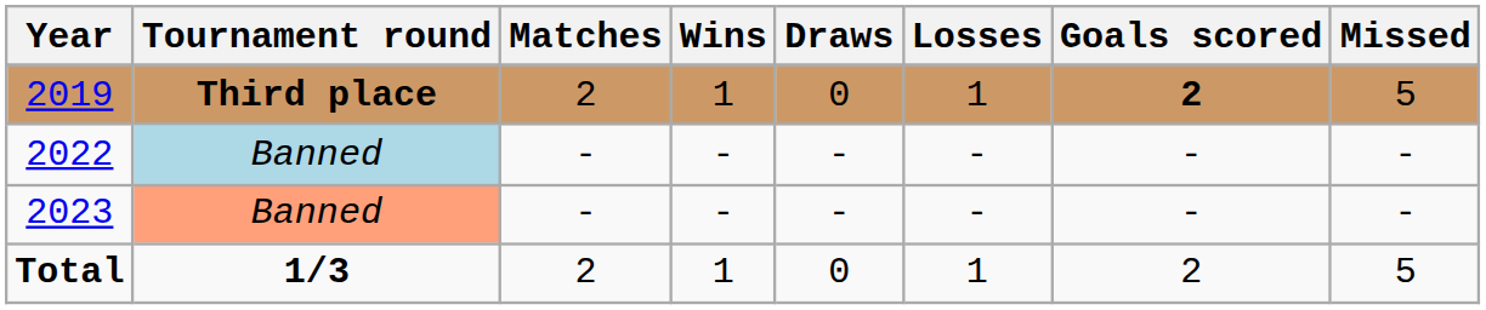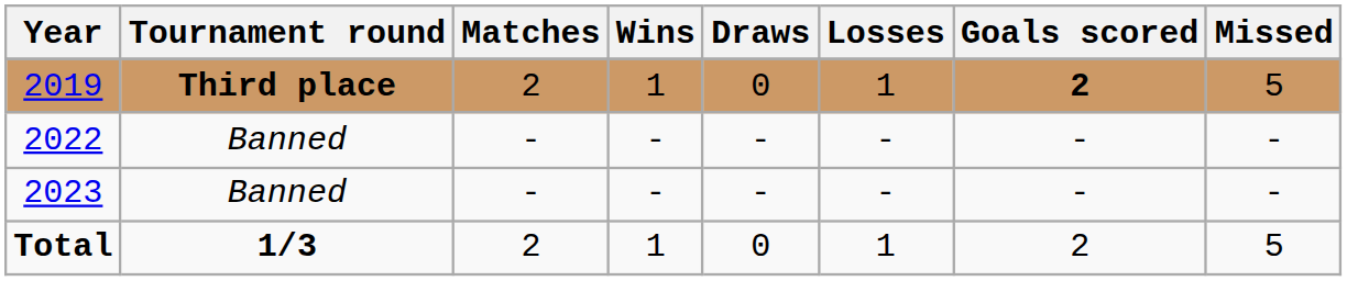 <table class="wikitable" style="text-align: center;">
 <tr>
 <th>Year</th>
 <th>Tournament round</th>
 <th>Matches</th>
 <th>Wins</th>
 <th>Draws</th>
 <th>Losses</th>
 <th>Goals scored</th>
 <th>Missed</th>
 </tr>
 <tr>
 </tr>
 <tr bgcolor="#cc9966">
 <td> <a href='#'>2019</a></td>
 <td><strong>Third place</strong></td>
 <td>2</td>
 <td>1</td>
 <td>0</td>
 <td>1</td>
 <td><strong>2</strong></td>
 <td>5</td>
 </tr>
 <tr>
 <td> <a href='#'>2022</a></td>
-<td style="background: lightblue;"><em>Banned</em></td>
+<td><em>Banned</em></td>
 <td>-</td>
 <td>-</td>
 <td>-</td>
 <td>-</td>
 <td>-</td>
 <td>-</td>
 </tr>
 <tr>
 <td> <a href='#'>2023</a></td>
-<td style="background: lightsalmon;"><em>Banned</em></td>
+<td><em>Banned</em></td>
 <td>-</td>
 <td>-</td>
 <td>-</td>
 <td>-</td>
 <td>-</td>
 <td>-</td>
 </tr>
 <tr>
 <td><strong>Total</strong></td>
 <td><strong>1/3</strong></td>
 <td>2</td>
 <td>1</td>
 <td>0</td>
 <td>1</td>
 <td>2</td>
 <td>5</td>
 </tr>
 </table>
